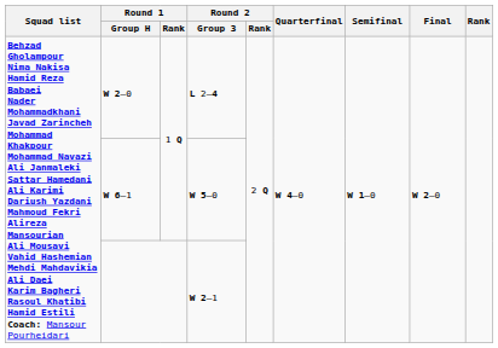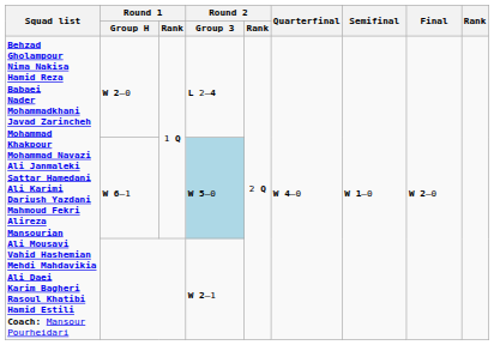 <table class="wikitable" width="98%" style="text-align:left; font-size:90%">
 <tr>
 <th rowspan="2" width="21%">Squad list</th>
 <th colspan="2">Round 1</th>
 <th colspan="2">Round 2</th>
 <th rowspan="2" width="14%">Quarterfinal</th>
 <th rowspan="2" width="14%">Semifinal</th>
 <th rowspan="2" width="14%">Final</th>
 <th rowspan="2" width="5%">Rank</th>
 </tr>
 <tr>
 <th width="14%">Group H</th>
 <th width="5%">Rank</th>
 <th width="14%">Group 3</th>
 <th width="5%">Rank</th>
 </tr>
 <tr>
 <td rowspan="3"><strong><a href='#'>Behzad Gholampour</a><br> <a href='#'>Nima Nakisa</a><br> <a href='#'>Hamid Reza Babaei</a><br> <a href='#'>Nader Mohammadkhani</a><br> <a href='#'>Javad Zarincheh</a><br> <a href='#'>Mohammad Khakpour</a><br> <a href='#'>Mohammad Navazi</a><br> <a href='#'>Ali Janmaleki</a><br> <a href='#'>Sattar Hamedani</a><br> <a href='#'>Ali Karimi</a><br> <a href='#'>Dariush Yazdani</a><br> <a href='#'>Mahmoud Fekri</a><br><a href='#'>Alireza Mansourian</a><br> <a href='#'>Ali Mousavi</a><br> <a href='#'>Vahid Hashemian</a><br><a href='#'>Mehdi Mahdavikia</a><br><a href='#'>Ali Daei</a><br> <a href='#'>Karim Bagheri</a><br> <a href='#'>Rasoul Khatibi</a><br><a href='#'>Hamid Estili</a><br> Coach:</strong> <a href='#'>Mansour Pourheidari</a></td>
 <td><br><strong>W</strong> <strong>2</strong>–0</td>
 <td rowspan="2" align=center>1 <strong>Q</strong></td>
 <td><br><strong>L</strong> 2–<strong>4</strong></td>
 <td rowspan="3" align=center>2 <strong>Q</strong></td>
 <td rowspan="3"><br><strong>W</strong> <strong>4</strong>–0</td>
 <td rowspan="3"><br><strong>W</strong> <strong>1</strong>–0</td>
 <td rowspan="3"><br><strong>W</strong> <strong>2</strong>–0</td>
 <td rowspan="3" align="center"></td>
 </tr>
 <tr>
 <td><br><strong>W</strong> <strong>6</strong>–1</td>
-<td><br><strong>W</strong> <strong>5</strong>–0</td>
+<td style="background: lightblue;"><br><strong>W</strong> <strong>5</strong>–0</td>
 </tr>
 <tr>
 <td colspan="2"></td>
 <td><br><strong>W</strong> <strong>2</strong>–1</td>
 </tr>
 </table>
